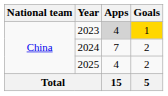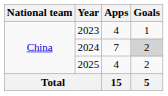 <table class="wikitable" style="text-align:center">
 <tr>
 <th>National team</th>
 <th>Year</th>
 <th>Apps</th>
 <th>Goals</th>
 </tr>
 <tr>
 <td rowspan="3"><a href='#'>China</a></td>
 <td>2023</td>
-<td style="background: lightgrey;">4</td>
-<td style="background: gold;">1</td>
+<td>4</td>
+<td>1</td>
 </tr>
 <tr>
 <td>2024</td>
 <td>7</td>
-<td>2</td>
+<td style="background: lightgrey;">2</td>
 </tr>
 <tr>
 <td>2025</td>
 <td>4</td>
 <td>2</td>
 </tr>
 <tr>
 <th colspan="2">Total</th>
 <th>15</th>
 <th>5</th>
 </tr>
 </table>
